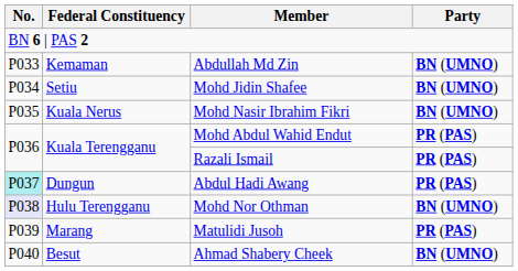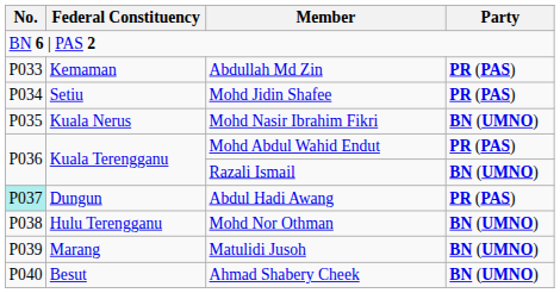 <table class ="wikitable sortable">
 <tr>
 <th style="width:30px;">No.</th>
 <th style="width:150px;">Federal Constituency</th>
 <th style="width:230px;">Member</th>
 <th style="width:100px;">Party</th>
 </tr>
 <tr>
 <td colspan="4"><a href='#'>BN</a> <strong>6</strong> | <a href='#'>PAS</a> <strong>2</strong></td>
 </tr>
 <tr>
 <td>P033</td>
 <td><a href='#'>Kemaman</a></td>
 <td><a href='#'>Abdullah Md Zin</a></td>
-<td><strong><a href='#'>BN</a></strong> (<strong><a href='#'>UMNO</a></strong>)</td>
+<td><strong><a href='#'>PR</a></strong> (<strong><a href='#'>PAS</a></strong>)</td>
 </tr>
 <tr>
 <td>P034</td>
 <td><a href='#'>Setiu</a></td>
 <td><a href='#'>Mohd Jidin Shafee</a></td>
-<td><strong><a href='#'>BN</a></strong> (<strong><a href='#'>UMNO</a></strong>)</td>
+<td><strong><a href='#'>PR</a></strong> (<strong><a href='#'>PAS</a></strong>)</td>
 </tr>
 <tr>
 <td>P035</td>
 <td><a href='#'>Kuala Nerus</a></td>
 <td><a href='#'>Mohd Nasir Ibrahim Fikri</a></td>
 <td><strong><a href='#'>BN</a></strong> (<strong><a href='#'>UMNO</a></strong>)</td>
 </tr>
 <tr>
 <td rowspan=2>P036</td>
 <td rowspan=2><a href='#'>Kuala Terengganu</a></td>
 <td><a href='#'>Mohd Abdul Wahid Endut</a>  </td>
 <td><strong><a href='#'>PR</a></strong> (<strong><a href='#'>PAS</a></strong>)</td>
 </tr>
 <tr>
 <td><a href='#'>Razali Ismail</a> </td>
-<td><strong><a href='#'>PR</a></strong> (<strong><a href='#'>PAS</a></strong>)</td>
+<td><strong><a href='#'>BN</a></strong> (<strong><a href='#'>UMNO</a></strong>)</td>
 </tr>
 <tr>
 <td style="background: paleturquoise;">P037</td>
 <td><a href='#'>Dungun</a></td>
 <td><a href='#'>Abdul Hadi Awang</a></td>
 <td><strong><a href='#'>PR</a></strong> (<strong><a href='#'>PAS</a></strong>)</td>
 </tr>
 <tr>
-<td style="background: lavender;">P038</td>
+<td>P038</td>
 <td><a href='#'>Hulu Terengganu</a></td>
 <td><a href='#'>Mohd Nor Othman</a></td>
 <td><strong><a href='#'>BN</a></strong> (<strong><a href='#'>UMNO</a></strong>)</td>
 </tr>
 <tr>
 <td>P039</td>
 <td><a href='#'>Marang</a></td>
 <td><a href='#'>Matulidi Jusoh</a></td>
-<td><strong><a href='#'>PR</a></strong> (<strong><a href='#'>PAS</a></strong>)</td>
+<td><strong><a href='#'>BN</a></strong> (<strong><a href='#'>UMNO</a></strong>)</td>
 </tr>
 <tr>
 <td>P040</td>
 <td><a href='#'>Besut</a></td>
 <td><a href='#'>Ahmad Shabery Cheek</a></td>
 <td><strong><a href='#'>BN</a></strong> (<strong><a href='#'>UMNO</a></strong>)</td>
 </tr>
 </table>
